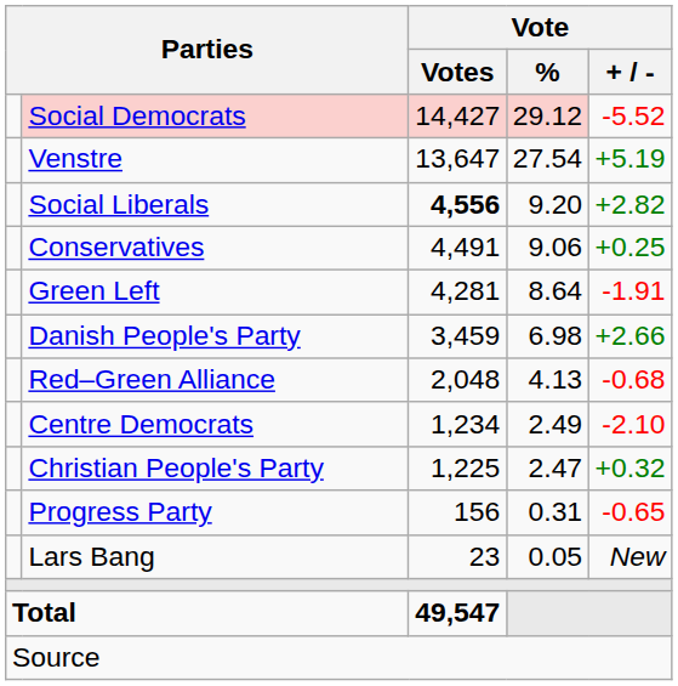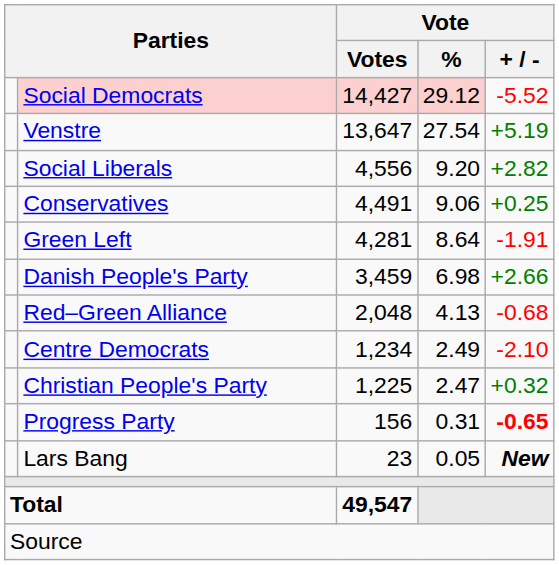 <table class="wikitable" style="text-align:right;">
 <tr>
 <th style="text-align:centre;" rowspan="2" colspan="2" width="225">Parties</th>
 <th colspan="3">Vote</th>
 </tr>
 <tr>
 <th width="15">Votes</th>
 <th width="15">%</th>
 <th width="15">+ / -</th>
 </tr>
 <tr>
 <td width="2" style="color:inherit;background:"></td>
 <td bgcolor=#fbd0ce  align="left"><a href='#'>Social Democrats</a></td>
 <td bgcolor=#fbd0ce>14,427</td>
 <td bgcolor=#fbd0ce>29.12</td>
 <td style=color:red;>-5.52</td>
 </tr>
 <tr>
 <td width="2" style="color:inherit;background:"></td>
 <td align="left"><a href='#'>Venstre</a></td>
 <td>13,647</td>
 <td>27.54</td>
 <td style=color:green;>+5.19</td>
 </tr>
 <tr>
 <td width="2" style="color:inherit;background:"></td>
 <td align="left"><a href='#'>Social Liberals</a></td>
-<td><strong>4,556</strong></td>
+<td>4,556</td>
 <td>9.20</td>
 <td style=color:green;>+2.82</td>
 </tr>
 <tr>
 <td width="2" style="color:inherit;background:"></td>
 <td align="left"><a href='#'>Conservatives</a></td>
 <td>4,491</td>
 <td>9.06</td>
 <td style=color:green;>+0.25</td>
 </tr>
 <tr>
 <td width="2" style="color:inherit;background:"></td>
 <td align="left"><a href='#'>Green Left</a></td>
 <td>4,281</td>
 <td>8.64</td>
 <td style=color:red;>-1.91</td>
 </tr>
 <tr>
 <td width="2" style="color:inherit;background:"></td>
 <td align="left"><a href='#'>Danish People's Party</a></td>
 <td>3,459</td>
 <td>6.98</td>
 <td style=color:green;>+2.66</td>
 </tr>
 <tr>
 <td width="2" style="color:inherit;background:"></td>
 <td align="left"><a href='#'>Red–Green Alliance</a></td>
 <td>2,048</td>
 <td>4.13</td>
 <td style=color:red;>-0.68</td>
 </tr>
 <tr>
 <td width="2" style="color:inherit;background:"></td>
 <td align="left"><a href='#'>Centre Democrats</a></td>
 <td>1,234</td>
 <td>2.49</td>
 <td style=color:red;>-2.10</td>
 </tr>
 <tr>
 <td width="2" style="color:inherit;background:"></td>
 <td align="left"><a href='#'>Christian People's Party</a></td>
 <td>1,225</td>
 <td>2.47</td>
 <td style=color:green;>+0.32</td>
 </tr>
 <tr>
 <td width="2" style="color:inherit;background:"></td>
 <td align="left"><a href='#'>Progress Party</a></td>
 <td>156</td>
 <td>0.31</td>
-<td style=color:red;>-0.65</td>
+<td style=color:red;><strong>-0.65</strong></td>
 </tr>
 <tr>
 <td width="2" style="color:inherit;background:"></td>
 <td align="left">Lars Bang</td>
 <td>23</td>
 <td>0.05</td>
-<td><em>New</em></td>
+<td><strong><em>New</em></strong></td>
 </tr>
 <tr>
 <td colspan="7" bgcolor="#E9E9E9"></td>
 </tr>
 <tr>
 <td align="left" colspan="2"><strong>Total</strong></td>
 <td><strong>49,547</strong></td>
 <td bgcolor="#E9E9E9" colspan="2"></td>
 </tr>
 <tr>
 <td align="left" colspan="6">Source</td>
 </tr>
 </table>
